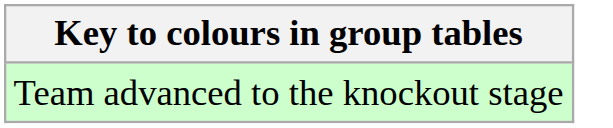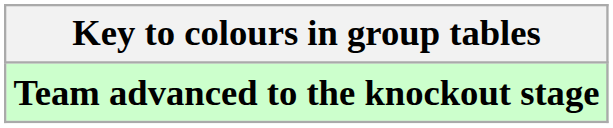 <table class="wikitable">
 <tr>
 <th>Key to colours in group tables</th>
 </tr>
 <tr>
-<td bgcolor="#ccffcc">Team advanced to the knockout stage</td>
+<td bgcolor="#ccffcc"><strong>Team advanced to the knockout stage</strong></td>
 </tr>
 </table>
